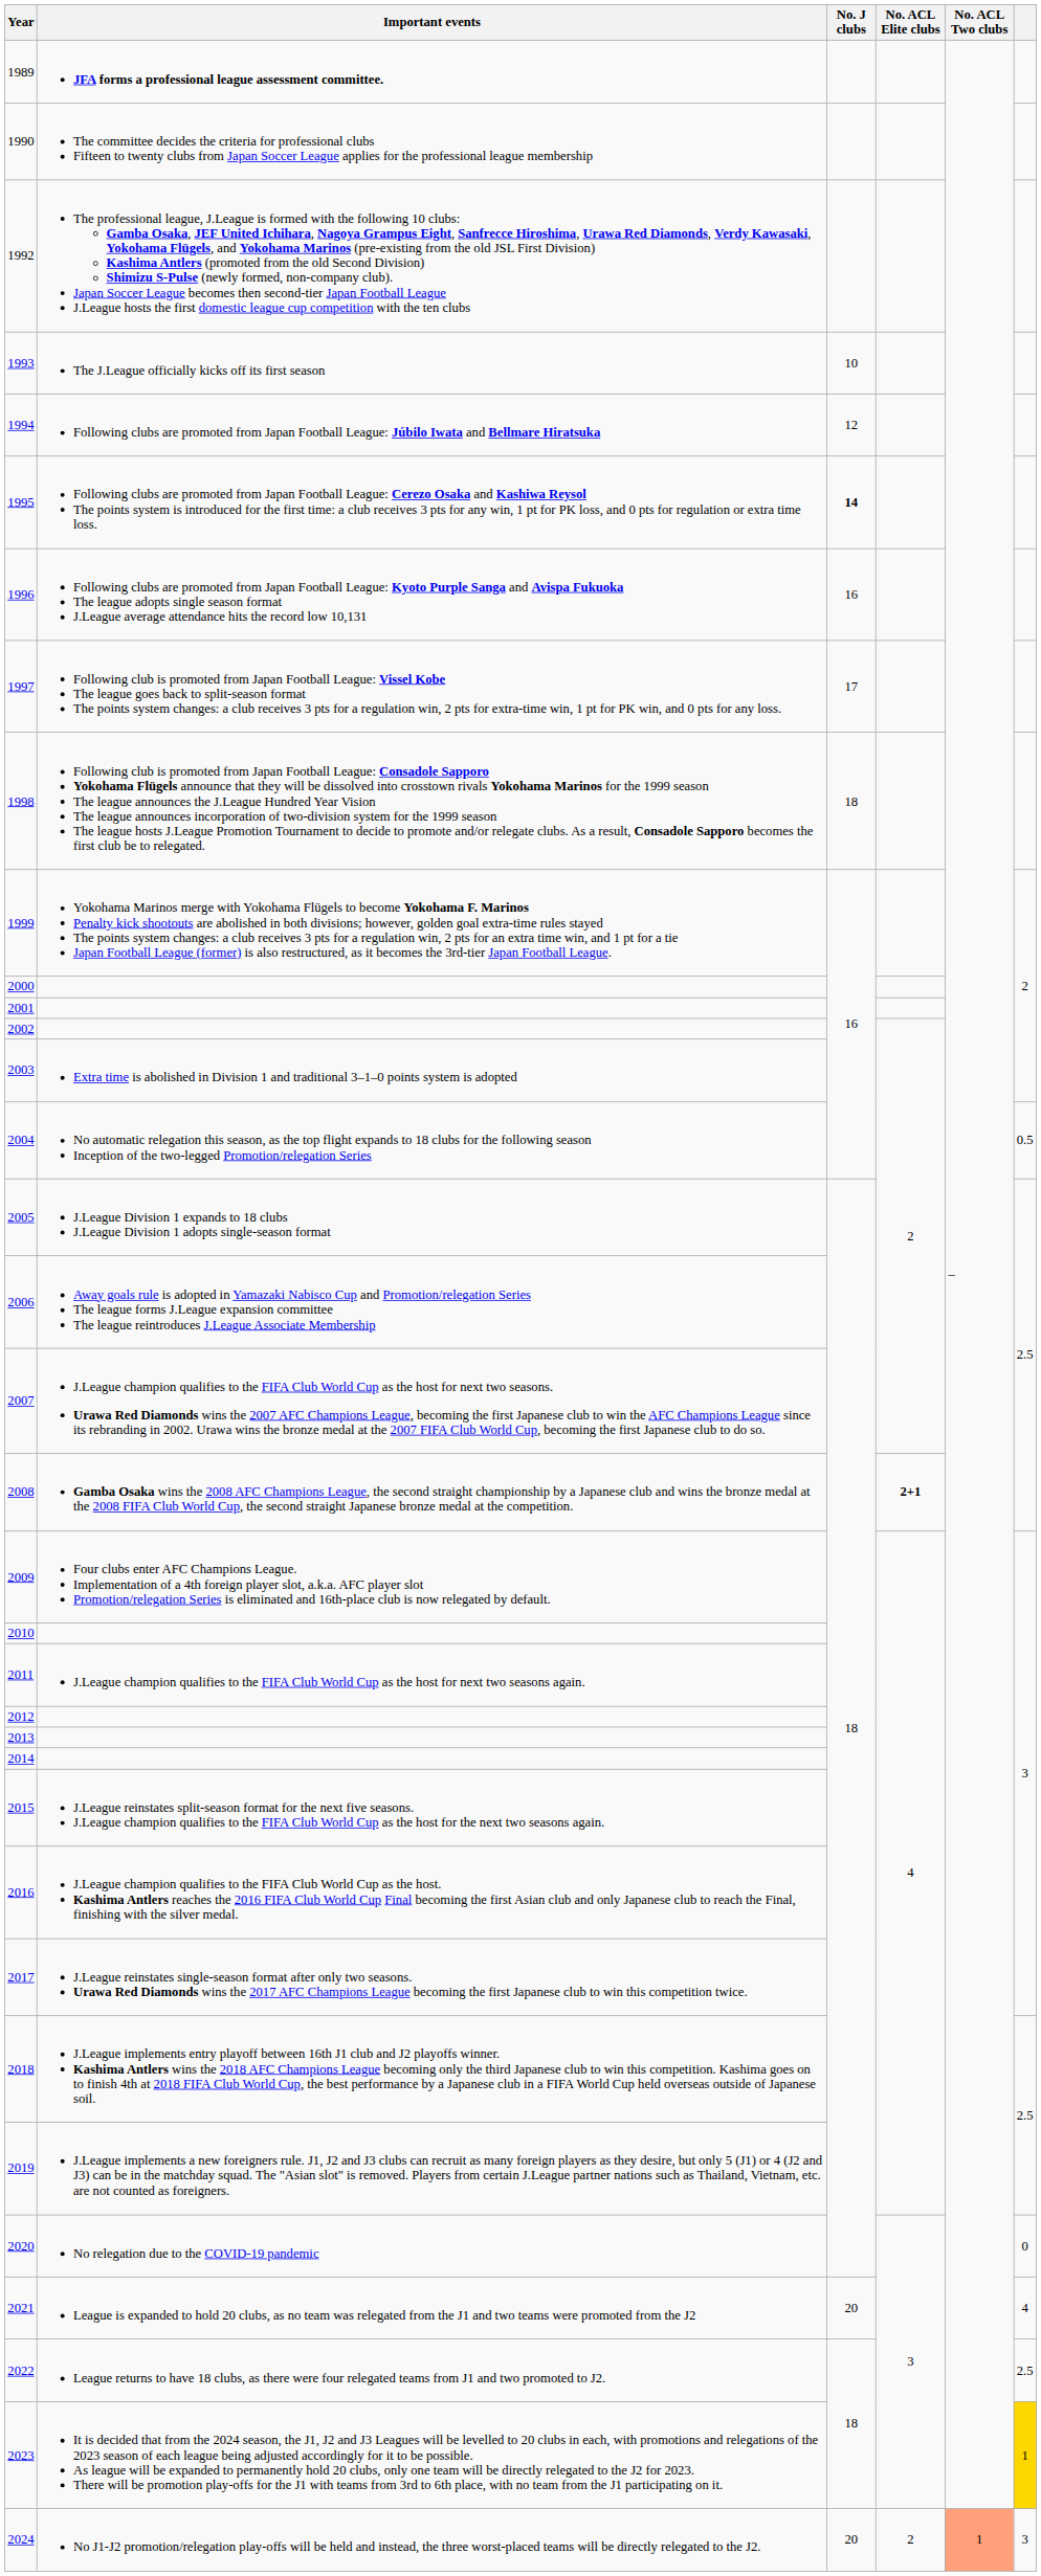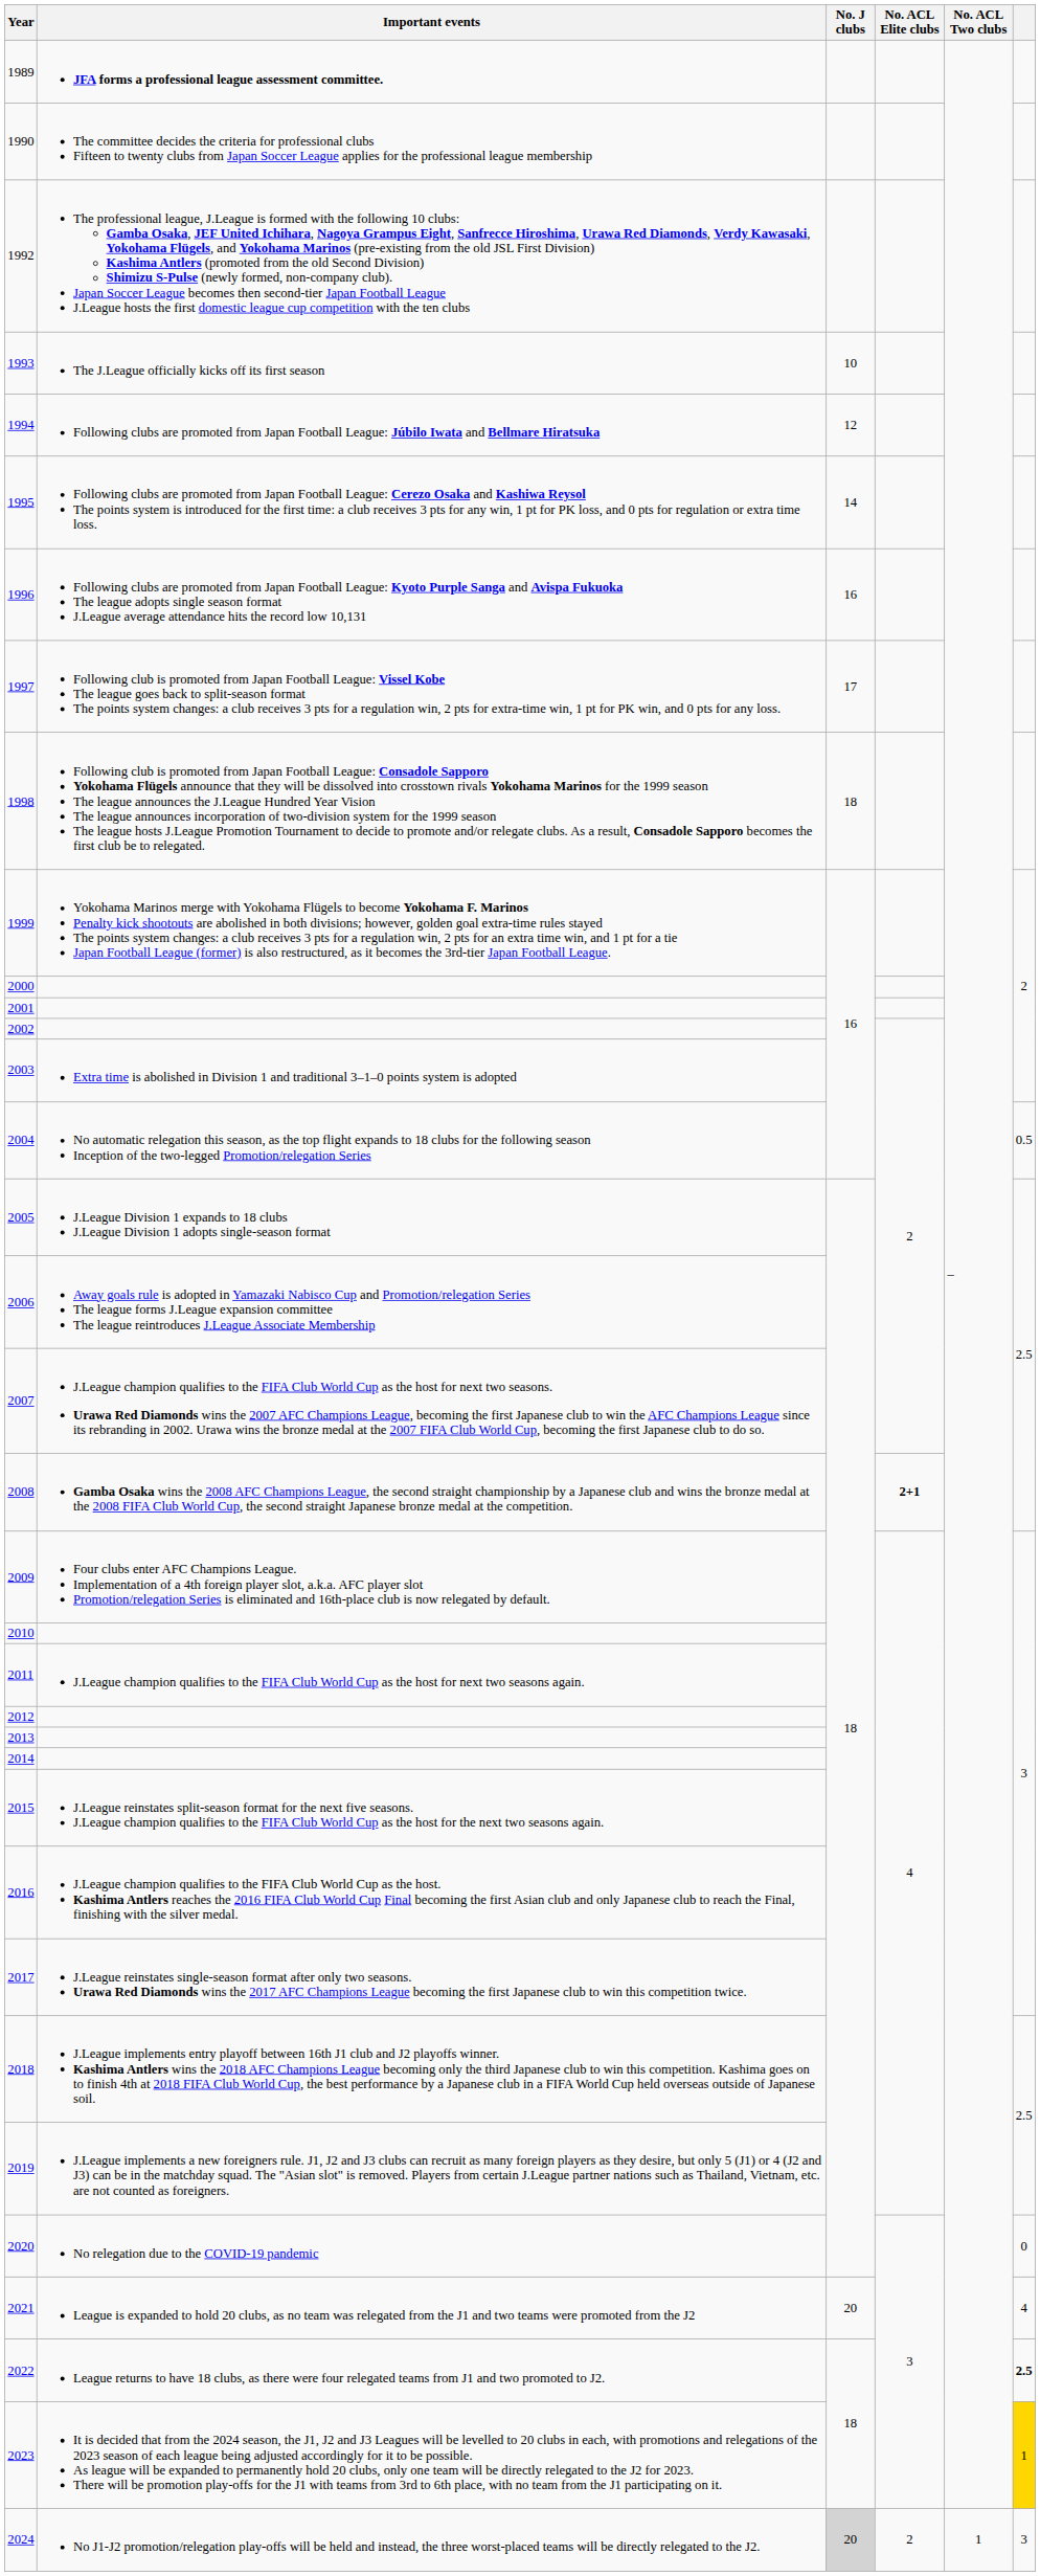 <table class="wikitable">
 <tr>
 <th>Year</th>
 <th>Important events</th>
 <th>No. J clubs</th>
 <th>No. ACL Elite clubs</th>
 <th>No. ACL Two clubs</th>
 <th></th>
 </tr>
 <tr>
 <td>1989</td>
 <td><strong><br><ul><li><a href='#'>JFA</a> forms a professional league assessment committee.</li></ul></strong></td>
 <td></td>
 <td></td>
 <td rowspan="34">–</td>
 <td></td>
 </tr>
 <tr>
 <td>1990</td>
 <td><br><ul><li>The committee decides the criteria for professional clubs</li><li>Fifteen to twenty clubs from <a href='#'>Japan Soccer League</a> applies for the professional league membership</li></ul></td>
 <td></td>
 <td></td>
 <td></td>
 </tr>
 <tr>
 <td>1992</td>
 <td><br><ul><li>The professional league, J.League is formed with the following 10 clubs:<ul><li><strong><a href='#'>Gamba Osaka</a></strong>, <strong><a href='#'>JEF United Ichihara</a></strong>, <strong><a href='#'>Nagoya Grampus Eight</a></strong>, <strong><a href='#'>Sanfrecce Hiroshima</a></strong>, <strong><a href='#'>Urawa Red Diamonds</a></strong>, <strong><a href='#'>Verdy Kawasaki</a></strong>, <strong><a href='#'>Yokohama Flügels</a></strong>, and <strong><a href='#'>Yokohama Marinos</a></strong> (pre-existing from the old JSL First Division)</li><li><strong><a href='#'>Kashima Antlers</a></strong> (promoted from the old Second Division)</li><li><strong><a href='#'>Shimizu S-Pulse</a></strong> (newly formed, non-company club).</li></ul></li><li><a href='#'>Japan Soccer League</a> becomes then second-tier <a href='#'>Japan Football League</a></li><li>J.League hosts the first <a href='#'>domestic league cup competition</a> with the ten clubs</li></ul></td>
 <td></td>
 <td></td>
 <td></td>
 </tr>
 <tr>
 <td><a href='#'>1993</a></td>
 <td><br><ul><li>The J.League officially kicks off its first season</li></ul></td>
 <td align=center>10</td>
 <td></td>
 <td></td>
 </tr>
 <tr>
 <td><a href='#'>1994</a></td>
 <td><br><ul><li>Following clubs are promoted from Japan Football League: <strong><a href='#'>Júbilo Iwata</a></strong> and <strong><a href='#'>Bellmare Hiratsuka</a></strong></li></ul></td>
 <td align=center>12</td>
 <td></td>
 <td></td>
 </tr>
 <tr>
 <td><a href='#'>1995</a></td>
 <td><br><ul><li>Following clubs are promoted from Japan Football League: <strong><a href='#'>Cerezo Osaka</a></strong> and <strong><a href='#'>Kashiwa Reysol</a></strong></li><li>The points system is introduced for the first time: a club receives 3 pts for any win, 1 pt for PK loss, and 0 pts for regulation or extra time loss.</li></ul></td>
-<td align=center><strong>14</strong></td>
+<td align=center>14</td>
 <td></td>
 <td></td>
 </tr>
 <tr>
 <td><a href='#'>1996</a></td>
 <td><br><ul><li>Following clubs are promoted from Japan Football League: <strong><a href='#'>Kyoto Purple Sanga</a></strong> and <strong><a href='#'>Avispa Fukuoka</a></strong></li><li>The league adopts single season format</li><li>J.League average attendance hits the record low 10,131</li></ul></td>
 <td align=center>16</td>
 <td></td>
 <td></td>
 </tr>
 <tr>
 <td><a href='#'>1997</a></td>
 <td><br><ul><li>Following club is promoted from Japan Football League: <strong><a href='#'>Vissel Kobe</a></strong></li><li>The league goes back to split-season format</li><li>The points system changes: a club receives 3 pts for a regulation win, 2 pts for extra-time win, 1 pt for PK win, and 0 pts for any loss.</li></ul></td>
 <td align=center>17</td>
 <td></td>
 <td></td>
 </tr>
 <tr>
 <td><a href='#'>1998</a></td>
 <td><br><ul><li>Following club is promoted from Japan Football League: <strong><a href='#'>Consadole Sapporo</a></strong></li><li><strong>Yokohama Flügels</strong> announce that they will be dissolved into crosstown rivals <strong>Yokohama Marinos</strong> for the 1999 season</li><li>The league announces the J.League Hundred Year Vision</li><li>The league announces incorporation of two-division system for the 1999 season</li><li>The league hosts J.League Promotion Tournament to decide to promote and/or relegate clubs.  As a result, <strong>Consadole Sapporo</strong> becomes the first club be to relegated.</li></ul></td>
 <td align=center>18</td>
 <td></td>
 <td></td>
 </tr>
 <tr>
 <td><a href='#'>1999</a></td>
 <td><br><ul><li>Yokohama Marinos merge with Yokohama Flügels to become <strong>Yokohama F. Marinos</strong></li><li><a href='#'>Penalty kick shootouts</a> are abolished in both divisions; however, golden goal extra-time rules stayed</li><li>The points system changes: a club receives 3 pts for a regulation win, 2 pts for an extra time win, and 1 pt for a tie</li><li><a href='#'>Japan Football League (former)</a> is also restructured, as it becomes the 3rd-tier <a href='#'>Japan Football League</a>.</li></ul></td>
 <td rowspan="6" align=center>16</td>
 <td></td>
 <td rowspan="5" align=center>2</td>
 </tr>
 <tr>
 <td><a href='#'>2000</a></td>
 <td></td>
 <td></td>
 </tr>
 <tr>
 <td><a href='#'>2001</a></td>
 <td></td>
 <td></td>
 </tr>
 <tr>
 <td><a href='#'>2002</a></td>
 <td></td>
 <td rowspan="6" align=center>2</td>
 </tr>
 <tr>
 <td><a href='#'>2003</a></td>
 <td><br><ul><li><a href='#'>Extra time</a> is abolished in Division 1 and traditional 3–1–0 points system is adopted</li></ul></td>
 </tr>
 <tr>
 <td><a href='#'>2004</a></td>
 <td><br><ul><li>No automatic relegation this season, as the top flight expands to 18 clubs for the following season</li><li>Inception of the two-legged <a href='#'>Promotion/relegation Series</a></li></ul></td>
 <td align=center>0.5</td>
 </tr>
 <tr>
 <td><a href='#'>2005</a></td>
 <td><br><ul><li>J.League Division 1 expands to 18 clubs</li><li>J.League Division 1 adopts single-season format</li></ul></td>
 <td rowspan="16" align=center>18</td>
 <td rowspan="4" align=center>2.5</td>
 </tr>
 <tr>
 <td><a href='#'>2006</a></td>
 <td><br><ul><li><a href='#'>Away goals rule</a> is adopted in <a href='#'>Yamazaki Nabisco Cup</a> and <a href='#'>Promotion/relegation Series</a></li><li>The league forms J.League expansion committee</li><li>The league reintroduces <a href='#'>J.League Associate Membership</a></li></ul></td>
 </tr>
 <tr>
 <td><a href='#'>2007</a></td>
 <td><br><ul><li>J.League champion qualifies to the <a href='#'>FIFA Club World Cup</a> as the host for next two seasons.</li></ul><ul><li><strong>Urawa Red Diamonds</strong> wins the <a href='#'>2007 AFC Champions League</a>, becoming the first Japanese club to win the <a href='#'>AFC Champions League</a> since its rebranding in 2002. Urawa wins the bronze medal at the <a href='#'>2007 FIFA Club World Cup</a>, becoming the first Japanese club to do so.</li></ul></td>
 </tr>
 <tr>
 <td><a href='#'>2008</a></td>
 <td><br><ul><li><strong>Gamba Osaka</strong> wins the <a href='#'>2008 AFC Champions League</a>, the second straight championship by a Japanese club and wins the bronze medal at the <a href='#'>2008 FIFA Club World Cup</a>, the second straight Japanese bronze medal at the competition.</li></ul></td>
 <td align=center><strong>2+1</strong></td>
 </tr>
 <tr>
 <td><a href='#'>2009</a></td>
 <td><br><ul><li>Four clubs enter AFC Champions League.</li><li>Implementation of a 4th foreign player slot, a.k.a. AFC player slot</li><li><a href='#'>Promotion/relegation Series</a> is eliminated and 16th-place club is now relegated by default.</li></ul></td>
 <td rowspan="11" align=center>4</td>
 <td rowspan="9" align=center>3</td>
 </tr>
 <tr>
 <td><a href='#'>2010</a></td>
 <td></td>
 </tr>
 <tr>
 <td><a href='#'>2011</a></td>
 <td><br><ul><li>J.League champion qualifies to the <a href='#'>FIFA Club World Cup</a> as the host for next two seasons again.</li></ul></td>
 </tr>
 <tr>
 <td><a href='#'>2012</a></td>
 <td></td>
 </tr>
 <tr>
 <td><a href='#'>2013</a></td>
 <td></td>
 </tr>
 <tr>
 <td><a href='#'>2014</a></td>
 <td></td>
 </tr>
 <tr>
 <td><a href='#'>2015</a></td>
 <td><br><ul><li>J.League reinstates split-season format for the next five seasons.</li><li>J.League champion qualifies to the <a href='#'>FIFA Club World Cup</a> as the host for the next two seasons again.</li></ul></td>
 </tr>
 <tr>
 <td><a href='#'>2016</a></td>
 <td><br><ul><li>J.League champion qualifies to the FIFA Club World Cup as the host.</li><li><strong>Kashima Antlers</strong> reaches the <a href='#'>2016 FIFA Club World Cup</a> <a href='#'>Final</a> becoming the first Asian club and only Japanese club to reach the Final, finishing with the silver medal.</li></ul></td>
 </tr>
 <tr>
 <td><a href='#'>2017</a></td>
 <td><br><ul><li>J.League reinstates single-season format after only two seasons.</li><li><strong>Urawa Red Diamonds</strong> wins the <a href='#'>2017 AFC Champions League</a> becoming the first Japanese club to win this competition twice.</li></ul></td>
 </tr>
 <tr>
 <td><a href='#'>2018</a></td>
 <td><br><ul><li>J.League implements entry playoff between 16th J1 club and J2 playoffs winner.</li><li><strong>Kashima Antlers</strong> wins the <a href='#'>2018 AFC Champions League</a> becoming only the third Japanese club to win this competition. Kashima goes on to finish 4th at <a href='#'>2018 FIFA Club World Cup</a>, the best performance by a Japanese club in a FIFA World Cup held overseas outside of Japanese soil.</li></ul></td>
 <td rowspan="2" align=center>2.5</td>
 </tr>
 <tr>
 <td><a href='#'>2019</a></td>
 <td><br><ul><li>J.League implements a new foreigners rule. J1, J2 and J3 clubs can recruit as many foreign players as they desire, but only 5 (J1) or 4 (J2 and J3) can be in the matchday squad. The "Asian slot" is removed. Players from certain J.League partner nations such as Thailand, Vietnam, etc. are not counted as foreigners.</li></ul></td>
 </tr>
 <tr>
 <td><a href='#'>2020</a></td>
 <td><br><ul><li>No relegation due to the <a href='#'>COVID-19 pandemic</a></li></ul></td>
 <td rowspan="4" align=center>3</td>
 <td align=center>0</td>
 </tr>
 <tr>
 <td><a href='#'>2021</a></td>
 <td><br><ul><li>League is expanded to hold 20 clubs, as no team was relegated from the J1 and two teams were promoted from the J2</li></ul></td>
 <td align=center>20</td>
 <td align=center>4</td>
 </tr>
 <tr>
 <td><a href='#'>2022</a></td>
 <td><br><ul><li>League returns to have 18 clubs, as there were four relegated teams from J1 and two promoted to J2.</li></ul></td>
 <td rowspan="2" align=center>18</td>
-<td align=center>2.5</td>
+<td align=center><strong>2.5</strong></td>
 </tr>
 <tr>
 <td><a href='#'>2023</a></td>
 <td><br><ul><li>It is decided that from the 2024 season, the J1, J2 and J3 Leagues will be levelled to 20 clubs in each, with promotions and relegations of the 2023 season of each league being adjusted accordingly for it to be possible.</li><li>As league will be expanded to permanently hold 20 clubs, only one team will be directly relegated to the J2 for 2023.</li><li>There will be promotion play-offs for the J1 with teams from 3rd to 6th place, with no team from the J1 participating on it.</li></ul></td>
 <td align=center style="background: gold;">1</td>
 </tr>
 <tr>
 <td><a href='#'>2024</a></td>
 <td><br><ul><li>No J1-J2 promotion/relegation play-offs will be held and instead, the three worst-placed teams will be directly relegated to the J2.</li></ul></td>
-<td align=center>20</td>
+<td align=center style="background: lightgrey;">20</td>
 <td align=center>2</td>
-<td align=center style="background: lightsalmon;">1</td>
+<td align=center>1</td>
 <td align=center>3</td>
 </tr>
 </table>
